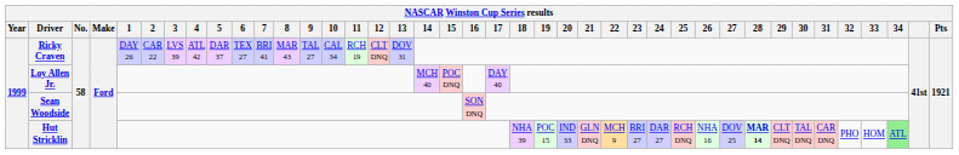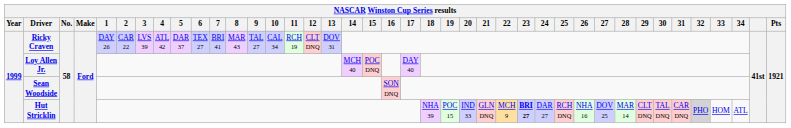 <table class="wikitable" style="text-align:center; font-size:75%">
 <tr>
 <th colspan=45><a href='#'>NASCAR</a> <a href='#'>Winston Cup Series</a> results</th>
 </tr>
 <tr>
 <th>Year</th>
 <th>Driver</th>
 <th>No.</th>
 <th>Make</th>
 <th>1</th>
 <th>2</th>
 <th>3</th>
 <th>4</th>
 <th>5</th>
 <th>6</th>
 <th>7</th>
 <th>8</th>
 <th>9</th>
 <th>10</th>
 <th>11</th>
 <th>12</th>
 <th>13</th>
 <th>14</th>
 <th>15</th>
 <th>16</th>
 <th>17</th>
 <th>18</th>
 <th>19</th>
 <th>20</th>
 <th>21</th>
 <th>22</th>
 <th>23</th>
 <th>24</th>
 <th>25</th>
 <th>26</th>
 <th>27</th>
 <th>28</th>
 <th>29</th>
 <th>30</th>
 <th>31</th>
 <th>32</th>
 <th>33</th>
 <th>34</th>
 <th></th>
 <th>Pts</th>
 </tr>
 <tr>
 <th rowspan=4><a href='#'>1999</a></th>
 <th><a href='#'>Ricky Craven</a></th>
 <th rowspan=4>58</th>
 <th rowspan=4><a href='#'>Ford</a></th>
 <td style="background:#CFCFFF;"><a href='#'>DAY</a><br><small>26</small></td>
 <td style="background:#CFCFFF;"><a href='#'>CAR</a><br><small>22</small></td>
 <td style="background:#EFCFFF;"><a href='#'>LVS</a><br><small>39</small></td>
 <td style="background:#EFCFFF;"><a href='#'>ATL</a><br><small>42</small></td>
 <td style="background:#EFCFFF;"><a href='#'>DAR</a><br><small>37</small></td>
 <td style="background:#CFCFFF;"><a href='#'>TEX</a><br><small>27</small></td>
 <td style="background:#CFCFFF;"><a href='#'>BRI</a><br><small>41</small></td>
 <td style="background:#EFCFFF;"><a href='#'>MAR</a><br><small>43</small></td>
 <td style="background:#CFCFFF;"><a href='#'>TAL</a><br><small>27</small></td>
 <td style="background:#CFCFFF;"><a href='#'>CAL</a><br><small>34</small></td>
 <td style="background:#DFFFDF;"><a href='#'>RCH</a><br><small>19</small></td>
 <td style="background:#FFCFCF;"><a href='#'>CLT</a><br><small>DNQ</small></td>
 <td style="background:#CFCFFF;"><a href='#'>DOV</a><br><small>31</small></td>
 <td colspan=21></td>
 <th rowspan=4>41st</th>
 <th rowspan=4>1921</th>
 </tr>
 <tr>
 <th><a href='#'>Loy Allen Jr.</a></th>
 <td colspan=13></td>
 <td bgcolor="EFCFFF"><a href='#'>MCH</a><br><small>40</small></td>
 <td bgcolor="FFCFCF"><a href='#'>POC</a><br><small>DNQ</small></td>
 <td colspan=1></td>
 <td bgcolor="EFCFFF"><a href='#'>DAY</a><br><small>40</small></td>
 <td colspan=17></td>
 </tr>
 <tr>
 <th><a href='#'>Sean Woodside</a></th>
 <td colspan=15></td>
 <td style="background:#FFCFCF;"><a href='#'>SON</a><br><small>DNQ</small></td>
 <td colspan=18></td>
 </tr>
 <tr>
 <th><a href='#'>Hut Stricklin</a></th>
 <td colspan=17></td>
 <td style="background:#EFCFFF;"><a href='#'>NHA</a><br><small>39</small></td>
 <td style="background:#DFFFDF;"><a href='#'>POC</a><br><small>15</small></td>
 <td style="background:#CFCFFF;"><a href='#'>IND</a><br><small>33</small></td>
 <td style="background:#FFCFCF;"><a href='#'>GLN</a><br><small>DNQ</small></td>
 <td style="background:#FFDF9F;"><a href='#'>MCH</a><br><small>9</small></td>
-<td style="background:#CFCFFF;"><a href='#'>BRI</a><br><small>27</small></td>
+<td style="background:#CFCFFF;"><strong><a href='#'>BRI</a><br><small>27</small></strong></td>
 <td style="background:#CFCFFF;"><a href='#'>DAR</a><br><small>27</small></td>
 <td style="background:#FFCFCF;"><a href='#'>RCH</a><br><small>DNQ</small></td>
 <td style="background:#DFFFDF;"><a href='#'>NHA</a><br><small>16</small></td>
 <td style="background:#CFCFFF;"><a href='#'>DOV</a><br><small>25</small></td>
-<td style="background:#DFFFDF;"><strong><a href='#'>MAR</a><br><small>14</small></strong></td>
+<td style="background:#DFFFDF;"><a href='#'>MAR</a><br><small>14</small></td>
 <td style="background:#FFCFCF;"><a href='#'>CLT</a><br><small>DNQ</small></td>
 <td style="background:#FFCFCF;"><a href='#'>TAL</a><br><small>DNQ</small></td>
 <td style="background:#FFCFCF;"><a href='#'>CAR</a><br><small>DNQ</small></td>
-<td><a href='#'>PHO</a></td>
+<td style="background: lightgrey;"><a href='#'>PHO</a></td>
 <td><a href='#'>HOM</a></td>
-<td style="background: lightgreen;"><a href='#'>ATL</a></td>
+<td><a href='#'>ATL</a></td>
 </tr>
 </table>
